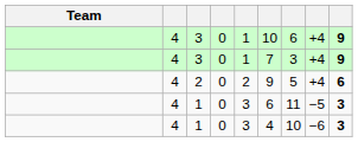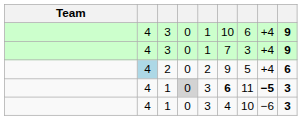 <table class="wikitable" style="text-align: center;">
 <tr>
 <th width="175">Team</th>
 <th width="20"></th>
 <th width="20"></th>
 <th width="20"></th>
 <th width="20"></th>
 <th width="20"></th>
 <th width="20"></th>
 <th width="20"></th>
 <th width="20"></th>
 </tr>
 <tr bgcolor=ccffcc>
 <td align=left></td>
 <td>4</td>
 <td>3</td>
 <td>0</td>
 <td>1</td>
 <td>10</td>
 <td>6</td>
 <td>+4</td>
 <td><strong>9</strong></td>
 </tr>
 <tr bgcolor=ccffcc>
 <td align=left></td>
 <td>4</td>
 <td>3</td>
 <td>0</td>
 <td>1</td>
 <td>7</td>
 <td>3</td>
 <td>+4</td>
 <td><strong>9</strong></td>
 </tr>
 <tr>
 <td align=left></td>
-<td>4</td>
+<td style="background: lightblue;">4</td>
 <td>2</td>
 <td>0</td>
 <td>2</td>
 <td>9</td>
 <td>5</td>
 <td>+4</td>
 <td><strong>6</strong></td>
 </tr>
 <tr>
 <td align=left></td>
 <td>4</td>
 <td>1</td>
-<td>0</td>
+<td style="background: lightgrey;">0</td>
 <td>3</td>
-<td>6</td>
+<td><strong>6</strong></td>
 <td>11</td>
-<td>−5</td>
+<td><strong>−5</strong></td>
 <td><strong>3</strong></td>
 </tr>
 <tr>
 <td align=left></td>
 <td>4</td>
 <td>1</td>
 <td>0</td>
 <td>3</td>
 <td>4</td>
 <td>10</td>
 <td>−6</td>
 <td><strong>3</strong></td>
 </tr>
 </table>
